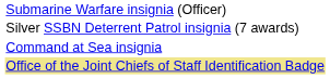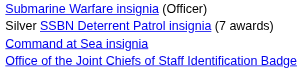 <table>
 <tr>
 <td><span></span><span></span> <a href='#'>Submarine Warfare insignia</a> (Officer)</td>
 </tr>
 <tr>
 <td> Silver <a href='#'>SSBN Deterrent Patrol insignia</a> (7 awards)</td>
 </tr>
 <tr>
 <td> <a href='#'>Command at Sea insignia</a></td>
 </tr>
 <tr>
-<td style="background: khaki;"> <a href='#'>Office of the Joint Chiefs of Staff Identification Badge</a></td>
+<td> <a href='#'>Office of the Joint Chiefs of Staff Identification Badge</a></td>
 </tr>
 </table>
